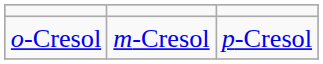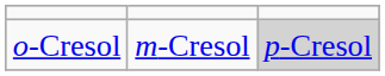 <table class="wikitable float-right skin-invert-image" style="text-align:center">
 <tr>
 <td></td>
 <td></td>
 <td></td>
 </tr>
 <tr>
 <td><a href='#'><em>o</em>-Cresol</a></td>
 <td><a href='#'><em>m</em>-Cresol</a></td>
-<td><a href='#'><em>p</em>-Cresol</a></td>
+<td style="background: lightgrey;"><a href='#'><em>p</em>-Cresol</a></td>
 </tr>
 </table>
